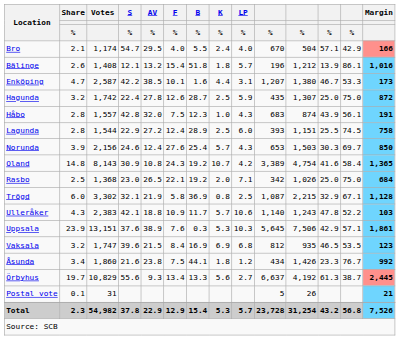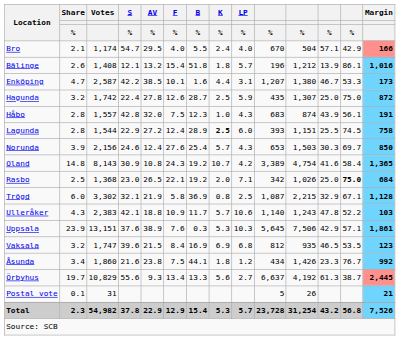 <table class="wikitable sortable" style="text-align:right; font-size:95%; line-height:20px;">
 <tr>
 <th rowspan="3">Location</th>
 <th>Share</th>
 <th>Votes</th>
 <th width="30px" class="unsortable"><a href='#'>S</a></th>
 <th width="30px" class="unsortable"><a href='#'>AV</a></th>
 <th width="30px" class="unsortable"><a href='#'>F</a></th>
 <th width="30px" class="unsortable"><a href='#'>B</a></th>
 <th width="30px" class="unsortable"><a href='#'>K</a></th>
 <th width="30px" class="unsortable"><a href='#'>LP</a></th>
 <th></th>
 <th></th>
 <th></th>
 <th></th>
 <th>Margin</th>
 </tr>
 <tr>
 <th></th>
 <th></th>
 <th style="background:"></th>
 <th style="background:"></th>
 <th style="background:"></th>
 <th style="background:"></th>
 <th style="background:"></th>
 <th style="background:"></th>
 <th style="background:"></th>
 <th style="background:"></th>
 <th style="background:"></th>
 <th style="background:"></th>
 <th></th>
 </tr>
 <tr>
 <th data-sort-type="number">%</th>
 <th></th>
 <th data-sort-type="number">%</th>
 <th data-sort-type="number">%</th>
 <th data-sort-type="number">%</th>
 <th data-sort-type="number">%</th>
 <th data-sort-type="number">%</th>
 <th data-sort-type="number">%</th>
 <th data-sort-type="number">%</th>
 <th data-sort-type="number">%</th>
 <th data-sort-type="number">%</th>
 <th data-sort-type="number">%</th>
 <th></th>
 </tr>
 <tr>
 <td align=left><a href='#'>Bro</a></td>
 <td>2.1</td>
 <td>1,174</td>
 <td>54.7</td>
 <td>29.5</td>
 <td>4.0</td>
 <td>5.5</td>
 <td>2.4</td>
 <td>4.0</td>
 <td>670</td>
 <td>504</td>
 <td>57.1</td>
 <td>42.9</td>
 <td bgcolor=#ff908c><strong>166</strong></td>
 </tr>
 <tr>
 <td align=left><a href='#'>Bälinge</a></td>
 <td>2.6</td>
 <td>1,408</td>
 <td>12.1</td>
 <td>13.2</td>
 <td>15.4</td>
 <td>51.8</td>
 <td>1.8</td>
 <td>5.7</td>
 <td>196</td>
 <td>1,212</td>
 <td>13.9</td>
 <td>86.1</td>
 <td bgcolor=#6fd5fe><strong>1,016</strong></td>
 </tr>
 <tr>
 <td align=left><a href='#'>Enköping</a></td>
 <td>4.7</td>
 <td>2,587</td>
 <td>42.2</td>
 <td>38.5</td>
 <td>10.1</td>
 <td>1.6</td>
 <td>4.4</td>
 <td>3.1</td>
 <td>1,207</td>
 <td>1,380</td>
 <td>46.7</td>
 <td>53.3</td>
 <td bgcolor=#6fd5fe><strong>173</strong></td>
 </tr>
 <tr>
 <td align=left><a href='#'>Hagunda</a></td>
 <td>3.2</td>
 <td>1,742</td>
 <td>22.4</td>
 <td>27.8</td>
 <td>12.6</td>
 <td>28.7</td>
 <td>2.5</td>
 <td>5.9</td>
 <td>435</td>
 <td>1,307</td>
 <td>25.0</td>
 <td>75.0</td>
 <td bgcolor=#6fd5fe><strong>872</strong></td>
 </tr>
 <tr>
 <td align=left><a href='#'>Håbo</a></td>
 <td>2.8</td>
 <td>1,557</td>
 <td>42.8</td>
 <td>32.0</td>
 <td>7.5</td>
 <td>12.3</td>
 <td>1.0</td>
 <td>4.3</td>
 <td>683</td>
 <td>874</td>
 <td>43.9</td>
 <td>56.1</td>
 <td bgcolor=#6fd5fe><strong>191</strong></td>
 </tr>
 <tr>
 <td align=left><a href='#'>Lagunda</a></td>
 <td>2.8</td>
 <td>1,544</td>
 <td>22.9</td>
 <td>27.2</td>
 <td>12.4</td>
 <td>28.9</td>
-<td>2.5</td>
+<td><strong>2.5</strong></td>
 <td>6.0</td>
 <td>393</td>
 <td>1,151</td>
 <td>25.5</td>
 <td>74.5</td>
 <td bgcolor=#6fd5fe><strong>758</strong></td>
 </tr>
 <tr>
 <td align=left><a href='#'>Norunda</a></td>
 <td>3.9</td>
 <td>2,156</td>
 <td>24.6</td>
 <td>12.4</td>
 <td>27.6</td>
 <td>25.4</td>
 <td>5.7</td>
 <td>4.3</td>
 <td>653</td>
 <td>1,503</td>
 <td>30.3</td>
 <td>69.7</td>
 <td bgcolor=#6fd5fe><strong>850</strong></td>
 </tr>
 <tr>
 <td align=left><a href='#'>Oland</a></td>
 <td>14.8</td>
 <td>8,143</td>
 <td>30.9</td>
 <td>10.8</td>
 <td>24.3</td>
 <td>19.2</td>
 <td>10.7</td>
 <td>4.2</td>
 <td>3,389</td>
 <td>4,754</td>
 <td>41.6</td>
 <td>58.4</td>
 <td bgcolor=#6fd5fe><strong>1,365</strong></td>
 </tr>
 <tr>
 <td align=left><a href='#'>Rasbo</a></td>
 <td>2.5</td>
 <td>1,368</td>
 <td>23.0</td>
 <td>26.5</td>
 <td>22.1</td>
 <td>19.2</td>
 <td>2.0</td>
 <td>7.1</td>
 <td>342</td>
 <td>1,026</td>
 <td>25.0</td>
-<td>75.0</td>
+<td><strong>75.0</strong></td>
 <td bgcolor=#6fd5fe><strong>684</strong></td>
 </tr>
 <tr>
 <td align=left><a href='#'>Trögd</a></td>
 <td>6.0</td>
 <td>3,302</td>
 <td>32.1</td>
 <td>21.9</td>
 <td>5.8</td>
 <td>36.9</td>
 <td>0.8</td>
 <td>2.5</td>
 <td>1,087</td>
 <td>2,215</td>
 <td>32.9</td>
 <td>67.1</td>
 <td bgcolor=#6fd5fe><strong>1,128</strong></td>
 </tr>
 <tr>
 <td align=left><a href='#'>Ulleråker</a></td>
 <td>4.3</td>
 <td>2,383</td>
 <td>42.1</td>
 <td>18.8</td>
 <td>10.9</td>
 <td>11.7</td>
 <td>5.7</td>
 <td>10.6</td>
 <td>1,140</td>
 <td>1,243</td>
 <td>47.8</td>
 <td>52.2</td>
 <td bgcolor=#6fd5fe><strong>103</strong></td>
 </tr>
 <tr>
 <td align=left><a href='#'>Uppsala</a></td>
 <td>23.9</td>
 <td>13,151</td>
 <td>37.6</td>
 <td>38.9</td>
 <td>7.6</td>
 <td>0.3</td>
 <td>5.3</td>
 <td>10.3</td>
 <td>5,645</td>
 <td>7,506</td>
 <td>42.9</td>
 <td>57.1</td>
 <td bgcolor=#6fd5fe><strong>1,861</strong></td>
 </tr>
 <tr>
 <td align=left><a href='#'>Vaksala</a></td>
 <td>3.2</td>
 <td>1,747</td>
 <td>39.6</td>
 <td>21.5</td>
 <td>8.4</td>
 <td>16.9</td>
 <td>6.9</td>
 <td>6.8</td>
 <td>812</td>
 <td>935</td>
 <td>46.5</td>
 <td>53.5</td>
 <td bgcolor=#6fd5fe><strong>123</strong></td>
 </tr>
 <tr>
 <td align=left><a href='#'>Åsunda</a></td>
 <td>3.4</td>
 <td>1,860</td>
 <td>21.6</td>
 <td>23.8</td>
 <td>7.5</td>
 <td>44.1</td>
 <td>1.8</td>
 <td>1.2</td>
 <td>434</td>
 <td>1,426</td>
 <td>23.3</td>
 <td>76.7</td>
 <td bgcolor=#6fd5fe><strong>992</strong></td>
 </tr>
 <tr>
 <td align=left><a href='#'>Örbyhus</a></td>
 <td>19.7</td>
 <td>10,829</td>
 <td>55.6</td>
 <td>9.3</td>
 <td>13.4</td>
 <td>13.3</td>
 <td>5.6</td>
 <td>2.7</td>
 <td>6,637</td>
 <td>4,192</td>
 <td>61.3</td>
 <td>38.7</td>
 <td bgcolor=#ff908c><strong>2,445</strong></td>
 </tr>
 <tr>
 <td align=left><a href='#'>Postal vote</a></td>
 <td>0.1</td>
 <td>31</td>
 <td></td>
 <td></td>
 <td></td>
 <td></td>
 <td></td>
 <td></td>
 <td>5</td>
 <td>26</td>
 <td></td>
 <td></td>
 <td bgcolor=#6fd5fe><strong>21</strong></td>
 </tr>
 <tr>
 </tr>
 <tr style="background:#CDCDCD;">
 <td align=left><strong>Total</strong></td>
 <td><strong>2.3</strong></td>
 <td><strong>54,982</strong></td>
 <td><strong>37.8</strong></td>
 <td><strong>22.9</strong></td>
 <td><strong>12.9</strong></td>
 <td><strong>15.4</strong></td>
 <td><strong>5.3</strong></td>
 <td><strong>5.7</strong></td>
 <td><strong>23,728</strong></td>
 <td><strong>31,254</strong></td>
 <td><strong>43.2</strong></td>
 <td><strong>56.8</strong></td>
 <td bgcolor=#6fd5fe><strong>7,526</strong></td>
 </tr>
 <tr>
 <td align=left colspan=14>Source: SCB </td>
 </tr>
 </table>
